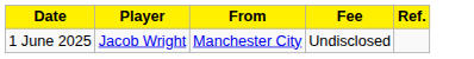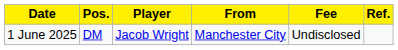 <table class="wikitable plainrowheaders sortable">
 <tr>
 <th style="background:#fff000;color:#000000;">Date</th>
+<th style="background:#fff000;color:#000000;">Pos.</th>
 <th style="background:#fff000;color:#000000;">Player</th>
 <th style="background:#fff000;color:#000000;">From</th>
 <th style="background:#fff000;color:#000000;">Fee</th>
 <th style="background:#fff000;color:#000000;">Ref.</th>
 </tr>
 <tr>
 <td>1 June 2025</td>
+<td><a href='#'>DM</a></td>
 <td> <a href='#'>Jacob Wright</a></td>
 <td> <a href='#'>Manchester City</a></td>
 <td>Undisclosed</td>
 <td></td>
 </tr>
 </table>
